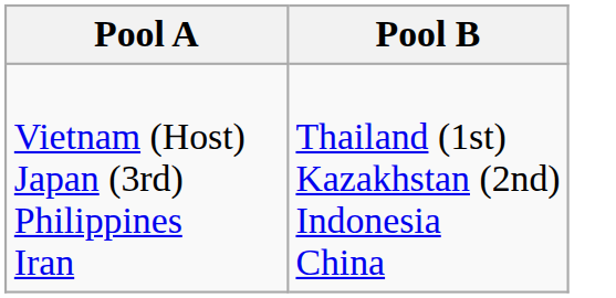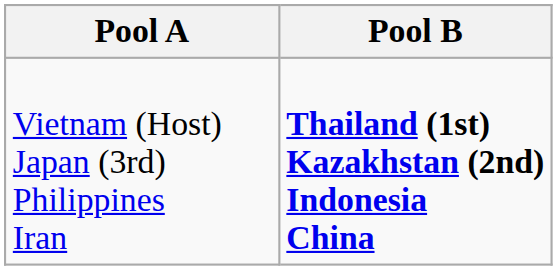 <table class="wikitable">
 <tr>
 <th width=50%>Pool A</th>
 <th width=50%>Pool B</th>
 </tr>
 <tr>
 <td><br> <a href='#'>Vietnam</a> (Host)<br>  <a href='#'>Japan</a> (3rd)<br>  <a href='#'>Philippines</a><br>  <a href='#'>Iran</a></td>
-<td><br> <a href='#'>Thailand</a> (1st)<br>  <a href='#'>Kazakhstan</a> (2nd)<br>  <a href='#'>Indonesia</a><br>  <a href='#'>China</a></td>
+<td><strong><br> <a href='#'>Thailand</a> (1st)<br>  <a href='#'>Kazakhstan</a> (2nd)<br>  <a href='#'>Indonesia</a><br>  <a href='#'>China</a></strong></td>
 </tr>
 </table>
